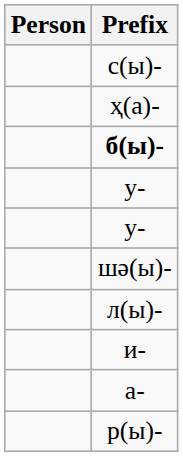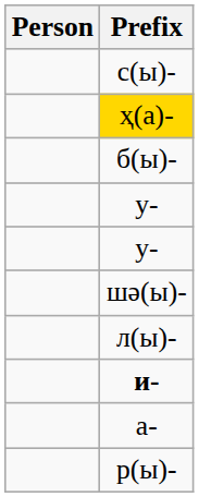 <table class="wikitable" style="text-align:center">
 <tr>
 <th>Person</th>
 <th>Prefix</th>
 </tr>
 <tr>
 <td></td>
 <td>с(ы)-</td>
 </tr>
 <tr>
 <td></td>
-<td>ҳ(а)-</td>
+<td style="background: gold;">ҳ(а)-</td>
 </tr>
 <tr>
 <td></td>
-<td><strong>б(ы)-</strong></td>
+<td>б(ы)-</td>
 </tr>
 <tr>
 <td></td>
 <td>у-</td>
 </tr>
 <tr>
 <td></td>
 <td>у-</td>
 </tr>
 <tr>
 <td></td>
 <td>шә(ы)-</td>
 </tr>
 <tr>
 <td></td>
 <td>л(ы)-</td>
 </tr>
 <tr>
 <td></td>
-<td>и-</td>
+<td><strong>и-</strong></td>
 </tr>
 <tr>
 <td></td>
 <td>а-</td>
 </tr>
 <tr>
 <td></td>
 <td>р(ы)-</td>
 </tr>
 </table>
